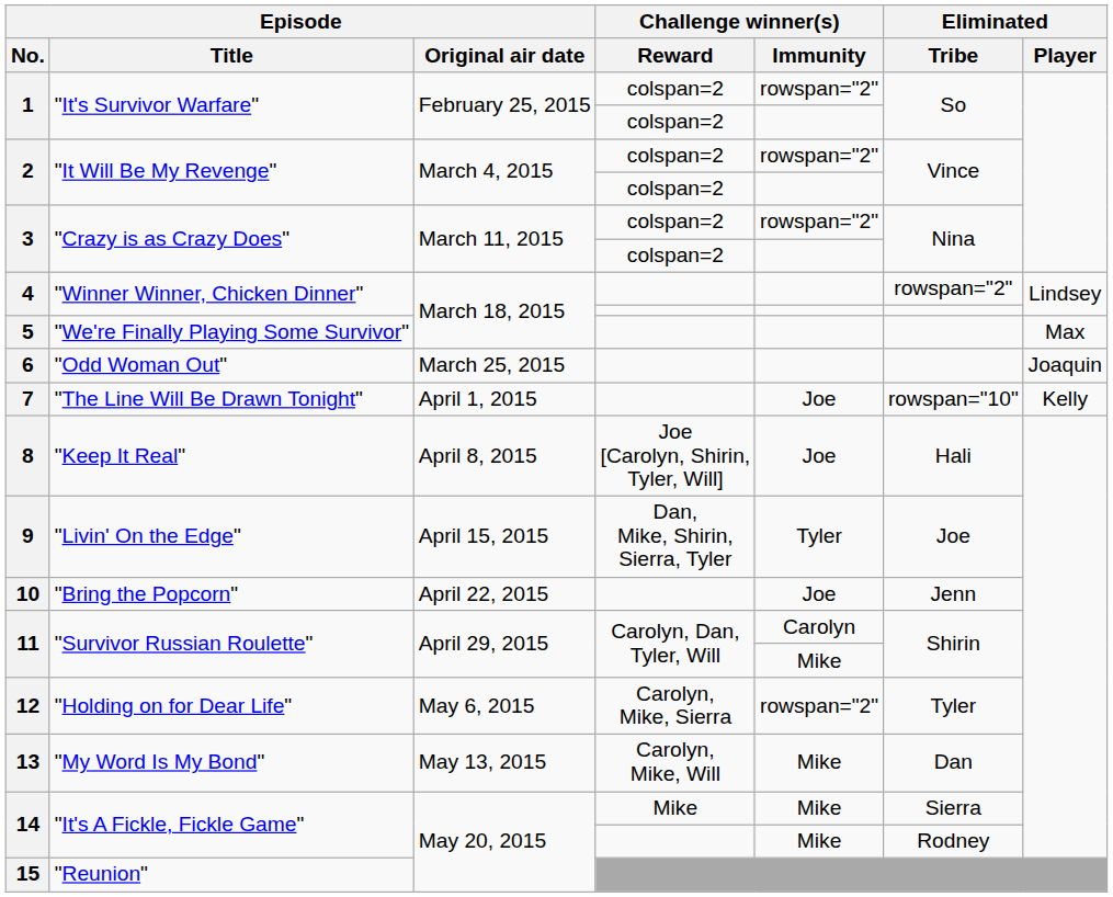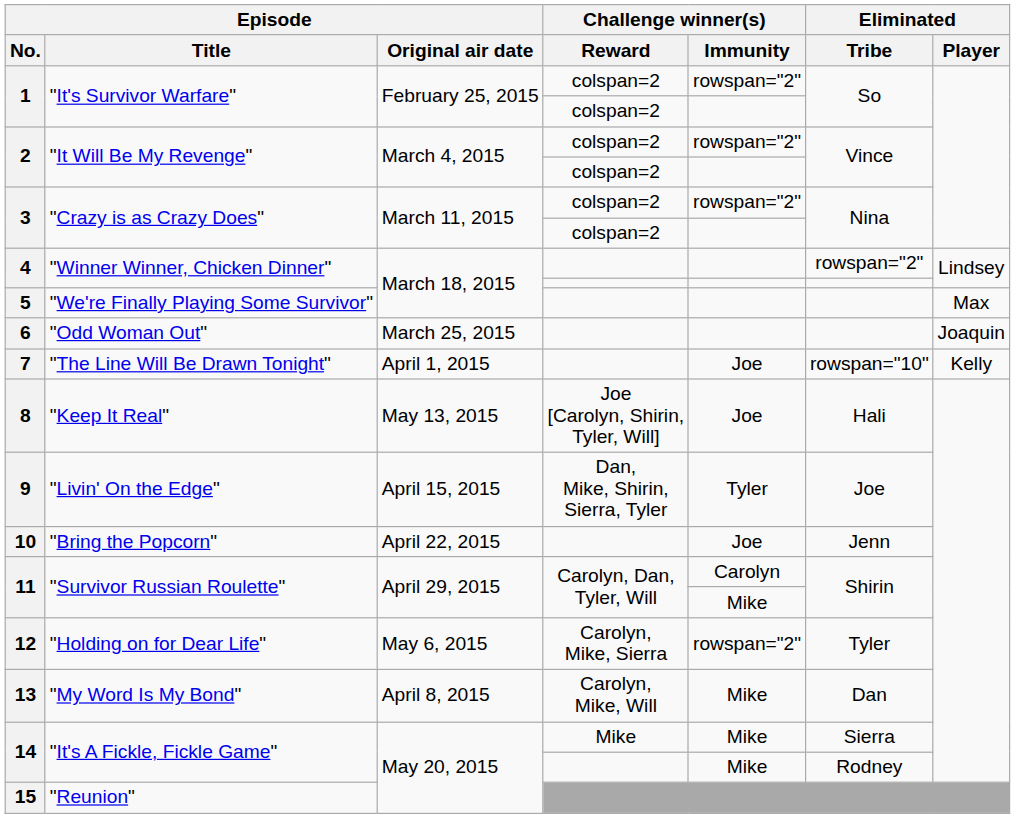 <table class="wikitable" style="margin:auto; text-align:center">
 <tr>
 <th colspan=3>Episode</th>
 <th colspan=2>Challenge winner(s)</th>
 <th colspan="2">Eliminated</th>
 </tr>
 <tr>
 <th>No.</th>
 <th>Title</th>
 <th>Original air date</th>
 <th>Reward</th>
 <th>Immunity</th>
 <th>Tribe</th>
 <th>Player</th>
 </tr>
 <tr>
 <th rowspan=2>1</th>
 <td rowspan=2 align="left">"<a href='#'>It's Survivor Warfare</a>"</td>
 <td rowspan=2 align="left">February 25, 2015</td>
 <td>colspan=2 </td>
 <td>rowspan="2" </td>
 <td rowspan=2 align="center">So</td>
 </tr>
 <tr>
 <td>colspan=2 </td>
 </tr>
 <tr>
 <th rowspan=2>2</th>
 <td rowspan=2 align="left">"<a href='#'>It Will Be My Revenge</a>"</td>
 <td rowspan=2 align="left">March 4, 2015</td>
 <td>colspan=2 </td>
 <td>rowspan="2" </td>
 <td rowspan=2 align="center">Vince</td>
 </tr>
 <tr>
 <td>colspan=2 </td>
 </tr>
 <tr>
 <th rowspan=2>3</th>
 <td rowspan=2 align="left">"<a href='#'>Crazy is as Crazy Does</a>"</td>
 <td rowspan=2 align="left">March 11, 2015</td>
 <td>colspan=2 </td>
 <td>rowspan="2" </td>
 <td rowspan=2 align="center">Nina</td>
 </tr>
 <tr>
 <td>colspan=2 </td>
 </tr>
 <tr>
 <th rowspan=2>4</th>
 <td rowspan=2 align="left">"<a href='#'>Winner Winner, Chicken Dinner</a>"</td>
 <td rowspan="3" align="left">March 18, 2015</td>
 <td></td>
 <td></td>
 <td>rowspan="2" </td>
 <td rowspan=2 align="center">Lindsey</td>
 </tr>
 <tr>
 <td></td>
 <td></td>
 </tr>
 <tr>
 <th>5</th>
 <td align="left">"<a href='#'>We're Finally Playing Some Survivor</a>"</td>
 <td></td>
 <td></td>
 <td></td>
 <td>Max</td>
 </tr>
 <tr>
 <th>6</th>
 <td align="left">"<a href='#'>Odd Woman Out</a>"</td>
 <td align="left">March 25, 2015</td>
 <td></td>
 <td></td>
 <td></td>
 <td>Joaquin</td>
 </tr>
 <tr>
 <th>7</th>
 <td align="left">"<a href='#'>The Line Will Be Drawn Tonight</a>"</td>
 <td align="left">April 1, 2015</td>
 <td></td>
 <td>Joe</td>
 <td>rowspan="10" </td>
 <td>Kelly</td>
 </tr>
 <tr>
 <th>8</th>
 <td align="left">"<a href='#'>Keep It Real</a>"</td>
-<td align="left">April 8, 2015</td>
+<td align="left">May 13, 2015</td>
 <td>Joe<br>[Carolyn, Shirin,<br>Tyler, Will]</td>
 <td>Joe</td>
 <td>Hali</td>
 </tr>
 <tr>
 <th>9</th>
 <td align="left">"<a href='#'>Livin' On the Edge</a>"</td>
 <td align="left">April 15, 2015</td>
 <td>Dan,<br>Mike, Shirin,<br>Sierra, Tyler</td>
 <td>Tyler</td>
 <td>Joe</td>
 </tr>
 <tr>
 <th>10</th>
 <td align="left">"<a href='#'>Bring the Popcorn</a>"</td>
 <td align="left">April 22, 2015</td>
 <td></td>
 <td>Joe</td>
 <td>Jenn</td>
 </tr>
 <tr>
 <th rowspan=2>11</th>
 <td rowspan=2 align="left">"<a href='#'>Survivor Russian Roulette</a>"</td>
 <td rowspan=2 align="left">April 29, 2015</td>
 <td rowspan=2>Carolyn, Dan,<br>Tyler, Will</td>
 <td>Carolyn</td>
 <td rowspan= 2>Shirin</td>
 </tr>
 <tr>
 <td>Mike</td>
 </tr>
 <tr>
 <th>12</th>
 <td align="left">"<a href='#'>Holding on for Dear Life</a>"</td>
 <td align="left">May 6, 2015</td>
 <td>Carolyn,<br>Mike, Sierra</td>
 <td>rowspan="2" </td>
 <td>Tyler</td>
 </tr>
 <tr>
 <th>13</th>
 <td align="left">"<a href='#'>My Word Is My Bond</a>"</td>
-<td align="left">May 13, 2015</td>
+<td align="left">April 8, 2015</td>
 <td>Carolyn,<br>Mike, Will</td>
 <td>Mike</td>
 <td>Dan</td>
 </tr>
 <tr>
 <th rowspan="2">14</th>
 <td rowspan="2" align="left">"<a href='#'>It's A Fickle, Fickle Game</a>"</td>
 <td rowspan="3" align="left">May 20, 2015</td>
 <td>Mike</td>
 <td>Mike</td>
 <td>Sierra</td>
 </tr>
 <tr>
 <td></td>
 <td>Mike</td>
 <td>Rodney</td>
 </tr>
 <tr>
 <th>15</th>
 <td align="left">"<a href='#'>Reunion</a>"</td>
 <td colspan="4" bgcolor="darkgray"></td>
 </tr>
 </table>
